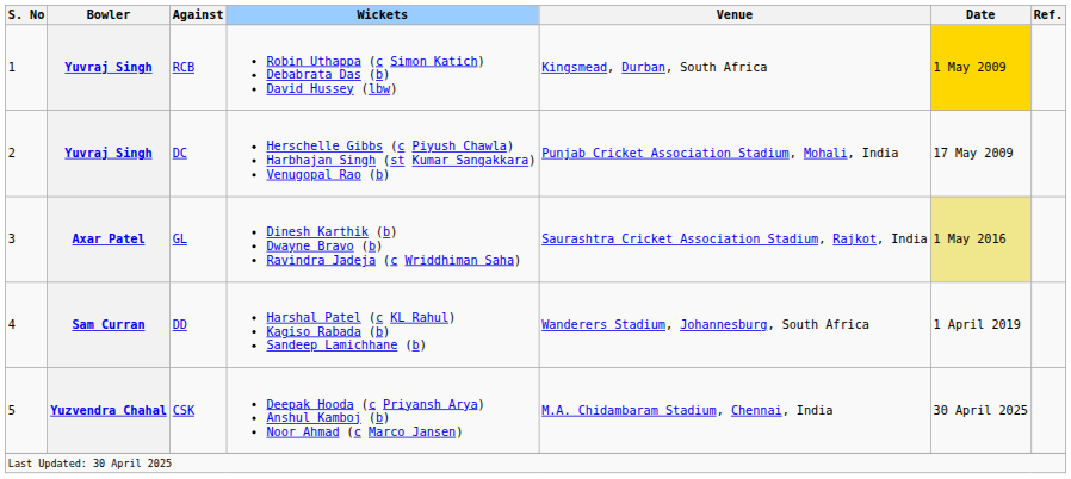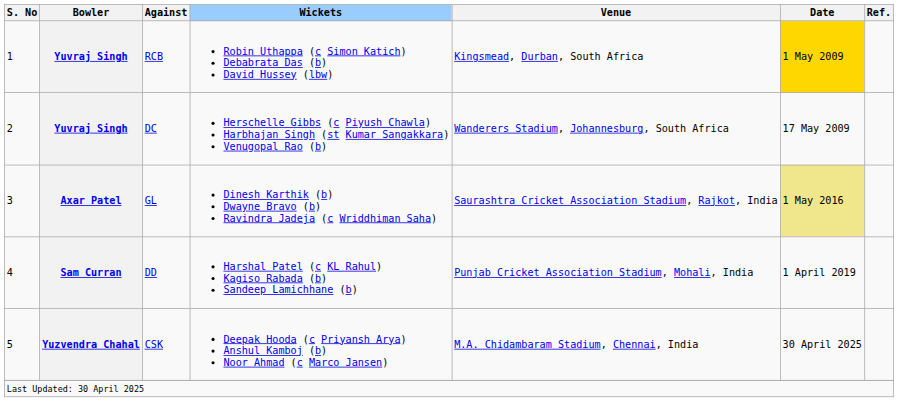 <table class="wikitable">
 <tr>
 <th>S. No</th>
 <th>Bowler</th>
 <th>Against</th>
 <th style="text-align:center; background:#9cf;" class="unsortable">Wickets</th>
 <th>Venue</th>
 <th>Date</th>
 <th>Ref.</th>
 </tr>
 <tr>
 <td>1</td>
 <th scope="row" style="text-align:center;"><a href='#'>Yuvraj Singh</a></th>
 <td><a href='#'>RCB</a></td>
 <td><br><ul><li><a href='#'>Robin Uthappa</a> (<a href='#'>c</a> <a href='#'>Simon Katich</a>)</li><li><a href='#'>Debabrata Das</a> (<a href='#'>b</a>)</li><li><a href='#'>David Hussey</a> (<a href='#'>lbw</a>)</li></ul></td>
 <td><a href='#'>Kingsmead</a>, <a href='#'>Durban</a>, South Africa</td>
 <td style="background: gold;">1 May 2009</td>
 <td></td>
 </tr>
 <tr>
 <td>2</td>
 <th scope="row" style="text-align:center;"><a href='#'>Yuvraj Singh</a></th>
 <td><a href='#'>DC</a></td>
 <td><br><ul><li><a href='#'>Herschelle Gibbs</a> (<a href='#'>c</a> <a href='#'>Piyush Chawla</a>)</li><li><a href='#'>Harbhajan Singh</a> (<a href='#'>st</a> <a href='#'>Kumar Sangakkara</a>)</li><li><a href='#'>Venugopal Rao</a> (<a href='#'>b</a>)</li></ul></td>
-<td><a href='#'>Punjab Cricket Association Stadium</a>, <a href='#'>Mohali</a>, India</td>
+<td><a href='#'>Wanderers Stadium</a>, <a href='#'>Johannesburg</a>, South Africa</td>
 <td>17 May 2009</td>
 <td></td>
 </tr>
 <tr>
 <td>3</td>
 <th scope="row" style="text-align:center;"><a href='#'>Axar Patel</a></th>
 <td><a href='#'>GL</a></td>
 <td><br><ul><li><a href='#'>Dinesh Karthik</a> (<a href='#'>b</a>)</li><li><a href='#'>Dwayne Bravo</a> (<a href='#'>b</a>)</li><li><a href='#'>Ravindra Jadeja</a> (<a href='#'>c</a> <a href='#'>Wriddhiman Saha</a>)</li></ul></td>
 <td><a href='#'>Saurashtra Cricket Association Stadium</a>, <a href='#'>Rajkot</a>, India</td>
 <td style="background: khaki;">1 May 2016</td>
 <td></td>
 </tr>
 <tr>
 <td>4</td>
 <th scope="row" style="text-align:center;"><a href='#'>Sam Curran</a></th>
 <td><a href='#'>DD</a></td>
 <td><br><ul><li><a href='#'>Harshal Patel</a> (<a href='#'>c</a> <a href='#'>KL Rahul</a>)</li><li><a href='#'>Kagiso Rabada</a> (<a href='#'>b</a>)</li><li><a href='#'>Sandeep Lamichhane</a> (<a href='#'>b</a>)</li></ul></td>
-<td><a href='#'>Wanderers Stadium</a>, <a href='#'>Johannesburg</a>, South Africa</td>
+<td><a href='#'>Punjab Cricket Association Stadium</a>, <a href='#'>Mohali</a>, India</td>
 <td>1 April 2019</td>
 <td></td>
 </tr>
 <tr>
 <td>5</td>
 <th scope="row" style="text-align:center;"><a href='#'>Yuzvendra Chahal</a></th>
 <td><a href='#'>CSK</a></td>
 <td><br><ul><li><a href='#'>Deepak Hooda</a> (<a href='#'>c</a> <a href='#'>Priyansh Arya</a>)</li><li><a href='#'>Anshul Kamboj</a> (<a href='#'>b</a>)</li><li><a href='#'>Noor Ahmad</a> (<a href='#'>c</a> <a href='#'>Marco Jansen</a>)</li></ul></td>
 <td><a href='#'>M.A. Chidambaram Stadium</a>, <a href='#'>Chennai</a>, India</td>
 <td>30 April 2025</td>
 <td></td>
 </tr>
 <tr>
 </tr>
 <tr class=sortbottom>
 <td colspan=7><small>Last Updated: 30 April 2025</small></td>
 </tr>
 </table>
